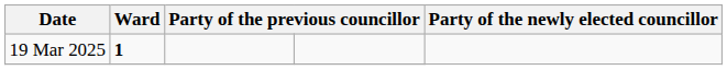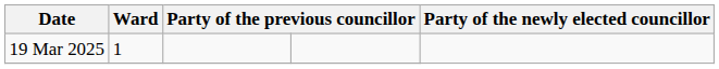 <table class="wikitable">
 <tr>
 <th>Date</th>
 <th>Ward</th>
 <th colspan=2>Party of the previous councillor</th>
 <th colspan=2>Party of the newly elected councillor</th>
 </tr>
 <tr>
 <td>19 Mar 2025</td>
-<td><strong>1</strong></td>
+<td>1</td>
 <td></td>
 <td></td>
 </tr>
 <tr>
 </tr>
 </table>
